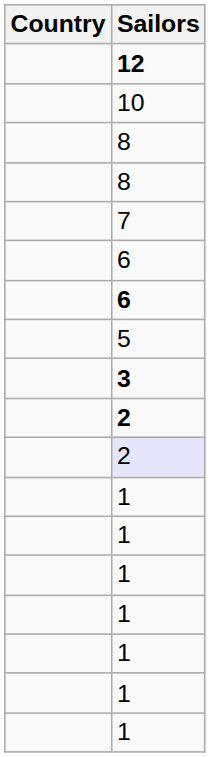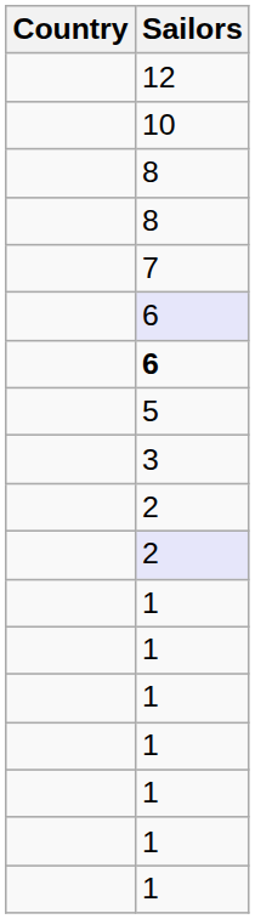 <table class="wikitable">
 <tr>
 <th>Country</th>
 <th>Sailors</th>
 </tr>
 <tr>
 <td></td>
-<td><strong>12</strong></td>
+<td>12</td>
 </tr>
 <tr>
 <td></td>
 <td>10</td>
 </tr>
 <tr>
 <td></td>
 <td>8</td>
 </tr>
 <tr>
 <td></td>
 <td>8</td>
 </tr>
 <tr>
 <td></td>
 <td>7</td>
 </tr>
 <tr>
 <td></td>
-<td>6</td>
+<td style="background: lavender;">6</td>
 </tr>
 <tr>
 <td></td>
 <td><strong>6</strong></td>
 </tr>
 <tr>
 <td></td>
 <td>5</td>
 </tr>
 <tr>
 <td></td>
-<td><strong>3</strong></td>
+<td>3</td>
 </tr>
 <tr>
 <td></td>
-<td><strong>2</strong></td>
+<td>2</td>
 </tr>
 <tr>
 <td></td>
 <td style="background: lavender;">2</td>
 </tr>
 <tr>
 <td></td>
 <td>1</td>
 </tr>
 <tr>
 <td></td>
 <td>1</td>
 </tr>
 <tr>
 <td></td>
 <td>1</td>
 </tr>
 <tr>
 <td></td>
 <td>1</td>
 </tr>
 <tr>
 <td></td>
 <td>1</td>
 </tr>
 <tr>
 <td></td>
 <td>1</td>
 </tr>
 <tr>
 <td></td>
 <td>1</td>
 </tr>
 </table>
